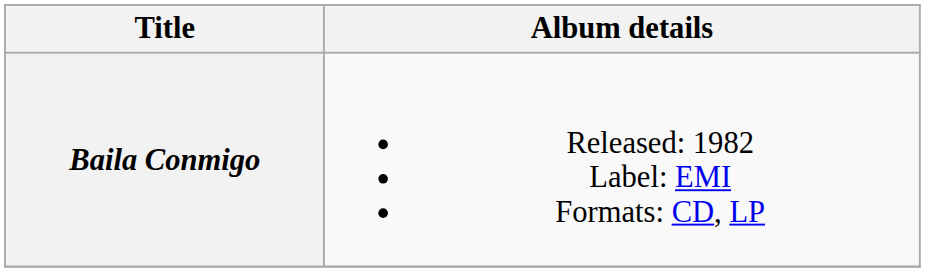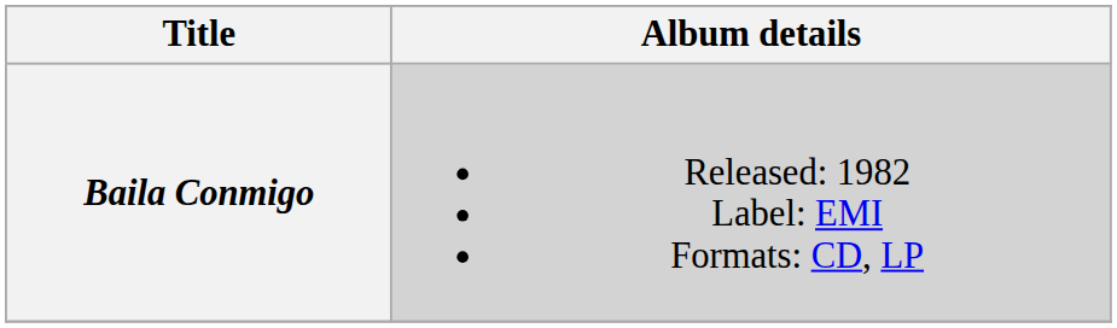 <table class="wikitable plainrowheaders" style="text-align:center;">
 <tr>
 <th scope="col" style="width:10em;">Title</th>
 <th scope="col" style="width:19em;">Album details</th>
 </tr>
 <tr>
 <th scope="row"><em>Baila Conmigo</em></th>
-<td><br><ul><li>Released: 1982</li><li>Label: <a href='#'>EMI</a></li><li>Formats: <a href='#'>CD</a>, <a href='#'>LP</a></li></ul></td>
+<td style="background: lightgrey;"><br><ul><li>Released: 1982</li><li>Label: <a href='#'>EMI</a></li><li>Formats: <a href='#'>CD</a>, <a href='#'>LP</a></li></ul></td>
 </tr>
 <tr>
 </tr>
 </table>
